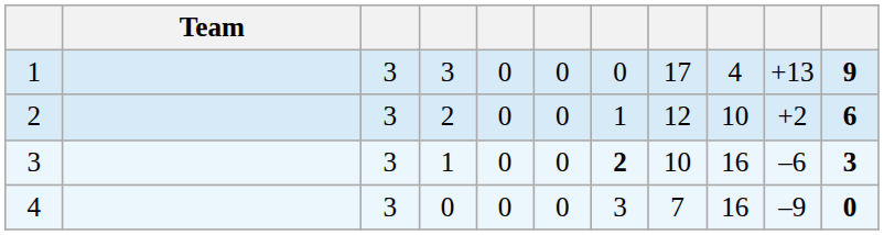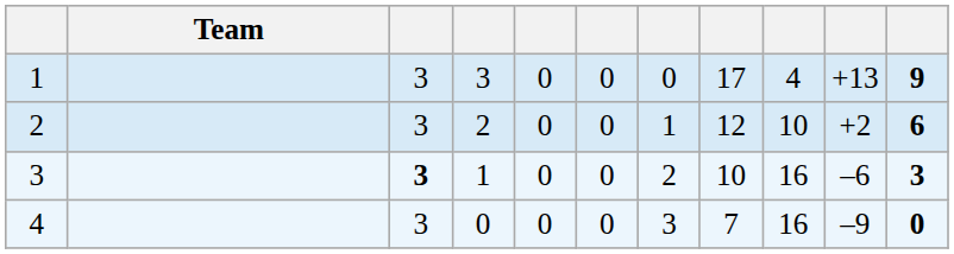 <table class="wikitable" style="text-align: center; font-size: 97%;">
 <tr>
 <th width="25"></th>
 <th width="160">Team</th>
 <th width="25"></th>
 <th width="25"></th>
 <th width="25"></th>
 <th width="25"></th>
 <th width="25"></th>
 <th width="25"></th>
 <th width="25"></th>
 <th width="25"></th>
 <th width="25"></th>
 </tr>
 <tr style="background-color: #d7eaf7;">
 <td>1</td>
 <td align=left></td>
 <td>3</td>
 <td>3</td>
 <td>0</td>
 <td>0</td>
 <td>0</td>
 <td>17</td>
 <td>4</td>
 <td>+13</td>
 <td><strong>9</strong></td>
 </tr>
 <tr style="background-color: #d7eaf7;">
 <td>2</td>
 <td align=left></td>
 <td>3</td>
 <td>2</td>
 <td>0</td>
 <td>0</td>
 <td>1</td>
 <td>12</td>
 <td>10</td>
 <td>+2</td>
 <td><strong>6</strong></td>
 </tr>
 <tr style="background-color: #ecf6fd;">
 <td>3</td>
 <td align=left></td>
-<td>3</td>
+<td><strong>3</strong></td>
 <td>1</td>
 <td>0</td>
 <td>0</td>
-<td><strong>2</strong></td>
+<td>2</td>
 <td>10</td>
 <td>16</td>
 <td>–6</td>
 <td><strong>3</strong></td>
 </tr>
 <tr style="background-color: #ecf6fd;">
 <td>4</td>
 <td align=left></td>
 <td>3</td>
 <td>0</td>
 <td>0</td>
 <td>0</td>
 <td>3</td>
 <td>7</td>
 <td>16</td>
 <td>–9</td>
 <td><strong>0</strong></td>
 </tr>
 </table>
